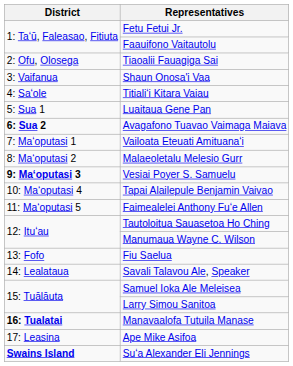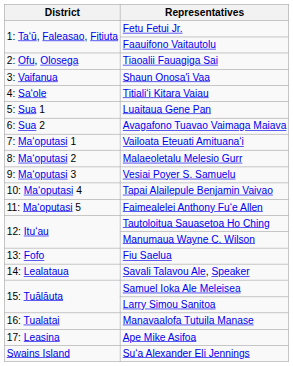 <table class=wikitable>
 <tr>
 <th>District</th>
 <th>Representatives</th>
 </tr>
 <tr>
 <td rowspan=2>1: <a href='#'>Taʻū</a>, <a href='#'>Faleasao</a>, <a href='#'>Fitiuta</a></td>
 <td><a href='#'>Fetu Fetui Jr.</a></td>
 </tr>
 <tr>
 <td><a href='#'>Faauifono Vaitautolu</a></td>
 </tr>
 <tr>
 <td>2: <a href='#'>Ofu</a>, <a href='#'>Olosega</a></td>
 <td><a href='#'>Tiaoalii Fauagiga Sai</a></td>
 </tr>
 <tr>
 <td>3: <a href='#'>Vaifanua</a></td>
 <td><a href='#'>Shaun Onosa'i Vaa</a></td>
 </tr>
 <tr>
 <td>4: <a href='#'>Saʻole</a></td>
 <td><a href='#'>Titialiʻi Kitara Vaiau</a></td>
 </tr>
 <tr>
 <td>5: <a href='#'>Sua</a> 1 </td>
 <td><a href='#'>Luaitaua Gene Pan</a></td>
 </tr>
 <tr>
-<td><strong>6: <a href='#'>Sua</a> 2 </strong></td>
+<td>6: <a href='#'>Sua</a> 2 </td>
 <td><a href='#'>Avagafono Tuavao Vaimaga Maiava</a></td>
 </tr>
 <tr>
 <td>7: <a href='#'>Maʻoputasi</a> 1 </td>
 <td><a href='#'>Vailoata Eteuati Amituanaʻi</a></td>
 </tr>
 <tr>
 <td>8: <a href='#'>Ma‘oputasi</a> 2 </td>
 <td><a href='#'>Malaeoletalu Melesio Gurr</a></td>
 </tr>
 <tr>
-<td><strong>9: <a href='#'>Ma‘oputasi</a> 3 </strong></td>
+<td>9: <a href='#'>Ma‘oputasi</a> 3 </td>
 <td><a href='#'>Vesiai Poyer S. Samuelu</a></td>
 </tr>
 <tr>
 <td>10: <a href='#'>Ma‘oputasi</a> 4 </td>
 <td><a href='#'>Tapai Alailepule Benjamin Vaivao</a></td>
 </tr>
 <tr>
 <td>11: <a href='#'>Ma‘oputasi</a> 5 </td>
 <td><a href='#'>Faimealelei Anthony Fuʻe Allen</a></td>
 </tr>
 <tr>
 <td rowspan=2>12: <a href='#'>Ituʻau</a></td>
 <td><a href='#'>Tautoloitua Sauasetoa Ho Ching</a></td>
 </tr>
 <tr>
 <td><a href='#'>Manumaua Wayne C. Wilson</a></td>
 </tr>
 <tr>
 <td>13: <a href='#'>Fofo</a></td>
 <td><a href='#'>Fiu Saelua</a></td>
 </tr>
 <tr>
 <td>14: <a href='#'>Lealataua</a></td>
 <td><a href='#'>Savali Talavou Ale</a>, <a href='#'>Speaker</a></td>
 </tr>
 <tr>
 <td rowspan=2>15: <a href='#'>Tuālāuta</a></td>
 <td><a href='#'>Samuel Ioka Ale Meleisea</a></td>
 </tr>
 <tr>
 <td><a href='#'>Larry Simou Sanitoa</a></td>
 </tr>
 <tr>
-<td><strong>16: <a href='#'>Tualatai</a></strong></td>
+<td>16: <a href='#'>Tualatai</a></td>
 <td><a href='#'>Manavaalofa Tutuila Manase</a></td>
 </tr>
 <tr>
 <td>17: <a href='#'>Leasina</a></td>
 <td><a href='#'>Ape Mike Asifoa</a></td>
 </tr>
 <tr>
-<td><strong><a href='#'>Swains Island</a></strong></td>
+<td><a href='#'>Swains Island</a></td>
 <td><a href='#'>Suʻa Alexander Eli Jennings</a></td>
 </tr>
 </table>
